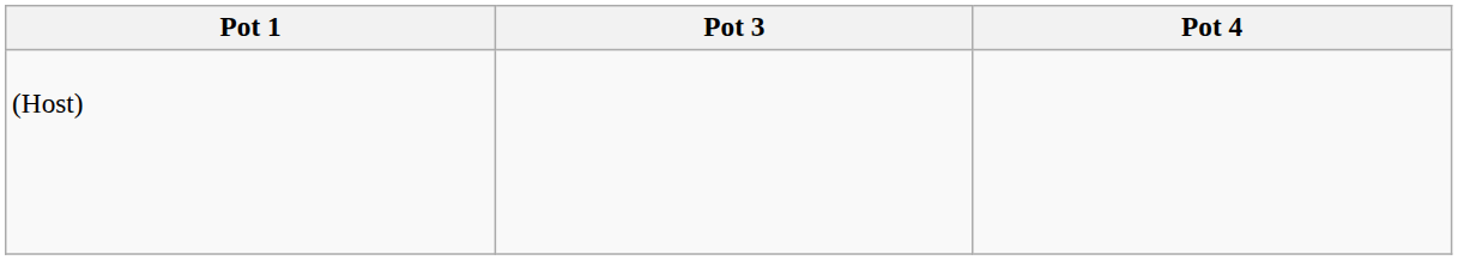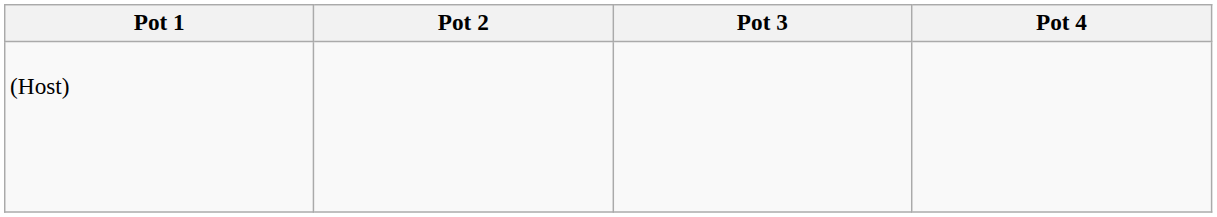 <table class="wikitable" style="font-size:99%; text-align:left;" width="65%">
 <tr>
 <th width="5%">Pot 1</th>
+<th width="5%">Pot 2</th>
 <th width="5%">Pot 3</th>
 <th width="5%">Pot 4</th>
 </tr>
 <tr>
 <td valign="top"><br> (Host)<br> <br> <br> <br> <br> </td>
 <td valign="top"><br><br> <br> <br> <br> <br> </td>
 <td valign="top"><br><br> <br> <br> <br> <br> </td>
+<td valign="top"><br><br> <br> <br> <br> <br> </td>
 </tr>
 </table>
